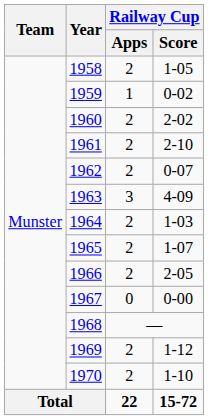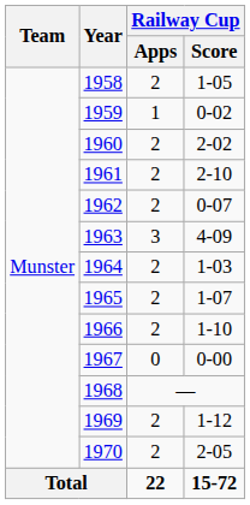 <table class="wikitable" style="text-align:center">
 <tr>
 <th rowspan="2">Team</th>
 <th rowspan="2">Year</th>
 <th colspan="2"><a href='#'>Railway Cup</a></th>
 </tr>
 <tr>
 <th>Apps</th>
 <th>Score</th>
 </tr>
 <tr>
 <td rowspan="13"><a href='#'>Munster</a></td>
 <td><a href='#'>1958</a></td>
 <td>2</td>
 <td>1-05</td>
 </tr>
 <tr>
 <td><a href='#'>1959</a></td>
 <td>1</td>
 <td>0-02</td>
 </tr>
 <tr>
 <td><a href='#'>1960</a></td>
 <td>2</td>
 <td>2-02</td>
 </tr>
 <tr>
 <td><a href='#'>1961</a></td>
 <td>2</td>
 <td>2-10</td>
 </tr>
 <tr>
 <td><a href='#'>1962</a></td>
 <td>2</td>
 <td>0-07</td>
 </tr>
 <tr>
 <td><a href='#'>1963</a></td>
 <td>3</td>
 <td>4-09</td>
 </tr>
 <tr>
 <td><a href='#'>1964</a></td>
 <td>2</td>
 <td>1-03</td>
 </tr>
 <tr>
 <td><a href='#'>1965</a></td>
 <td>2</td>
 <td>1-07</td>
 </tr>
 <tr>
 <td><a href='#'>1966</a></td>
 <td>2</td>
-<td>2-05</td>
+<td>1-10</td>
 </tr>
 <tr>
 <td><a href='#'>1967</a></td>
 <td>0</td>
 <td>0-00</td>
 </tr>
 <tr>
 <td><a href='#'>1968</a></td>
 <td colspan=2>—</td>
 </tr>
 <tr>
 <td><a href='#'>1969</a></td>
 <td>2</td>
 <td>1-12</td>
 </tr>
 <tr>
 <td><a href='#'>1970</a></td>
 <td>2</td>
-<td>1-10</td>
+<td>2-05</td>
 </tr>
 <tr>
 <th colspan="2">Total</th>
 <td><strong>22</strong></td>
 <td><strong>15-72</strong></td>
 </tr>
 </table>
